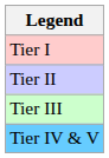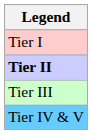 <table class=wikitable style=font-size:92%>
 <tr>
 <th>Legend</th>
 </tr>
 <tr>
 <td bgcolor=#ffcccc>Tier I</td>
 </tr>
 <tr>
-<td bgcolor=#ccccff>Tier II</td>
+<td bgcolor=#ccccff><strong>Tier II</strong></td>
 </tr>
 <tr>
 <td bgcolor=#CCFFCC>Tier III</td>
 </tr>
 <tr>
 <td bgcolor=#66CCFF>Tier IV & V</td>
 </tr>
 </table>
